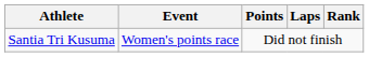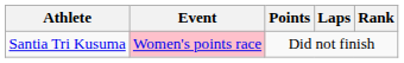 <table class=wikitable style="font-size:90%">
 <tr>
 <th>Athlete</th>
 <th>Event</th>
 <th>Points</th>
 <th>Laps</th>
 <th>Rank</th>
 </tr>
 <tr align=center>
 <td align=left><a href='#'>Santia Tri Kusuma</a></td>
-<td align=left><a href='#'>Women's points race</a></td>
+<td align=left style="background: pink;"><a href='#'>Women's points race</a></td>
 <td colspan=3>Did not finish</td>
 </tr>
 </table>
